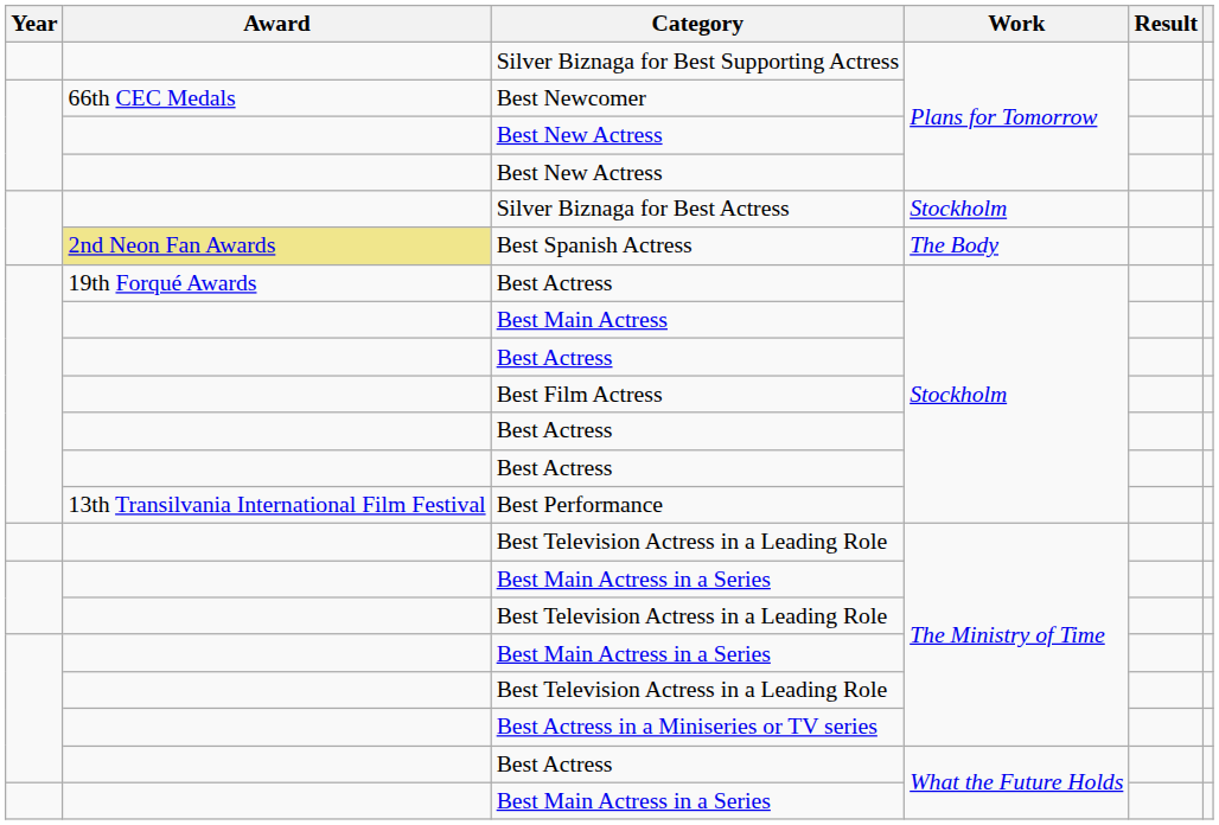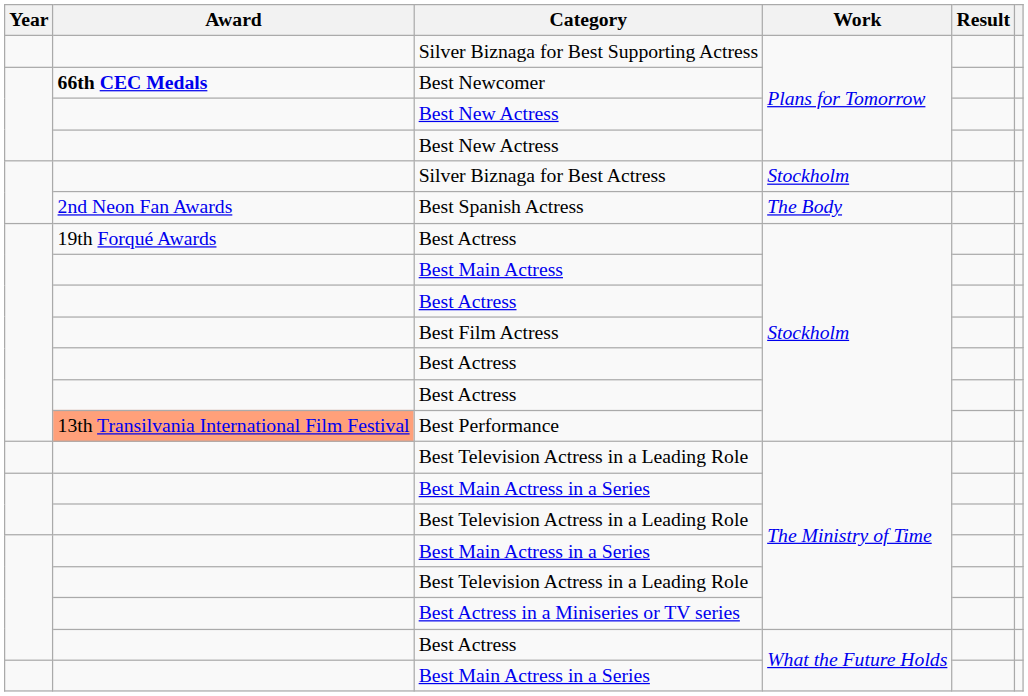 <table class="wikitable sortable">
 <tr>
 <th>Year</th>
 <th>Award</th>
 <th>Category</th>
 <th>Work</th>
 <th>Result</th>
 <th class = "unsortable"></th>
 </tr>
 <tr>
 <td></td>
 <td></td>
 <td>Silver Biznaga for Best Supporting Actress</td>
 <td rowspan = "4"><em><a href='#'>Plans for Tomorrow</a></em></td>
 <td></td>
 <td></td>
 </tr>
 <tr>
 <td rowspan = "3"></td>
-<td>66th <a href='#'>CEC Medals</a></td>
+<td><strong>66th <a href='#'>CEC Medals</a></strong></td>
 <td>Best Newcomer</td>
 <td></td>
 <td></td>
 </tr>
 <tr>
 <td></td>
 <td><a href='#'>Best New Actress</a></td>
 <td></td>
 <td></td>
 </tr>
 <tr>
 <td></td>
 <td>Best New Actress</td>
 <td></td>
 <td></td>
 </tr>
 <tr>
 <td rowspan = "2"></td>
 <td></td>
 <td>Silver Biznaga for Best Actress</td>
 <td><em><a href='#'>Stockholm</a></em></td>
 <td></td>
 <td></td>
 </tr>
 <tr>
-<td style="background: khaki;"><a href='#'>2nd Neon Fan Awards</a></td>
+<td><a href='#'>2nd Neon Fan Awards</a></td>
 <td>Best Spanish Actress</td>
 <td><em><a href='#'>The Body</a></em></td>
 <td></td>
 <td></td>
 </tr>
 <tr>
 <td rowspan = "7"></td>
 <td>19th <a href='#'>Forqué Awards</a></td>
 <td>Best Actress</td>
 <td rowspan = "7"><em><a href='#'>Stockholm</a></em></td>
 <td></td>
 <td></td>
 </tr>
 <tr>
 <td></td>
 <td><a href='#'>Best Main Actress</a></td>
 <td></td>
 <td></td>
 </tr>
 <tr>
 <td></td>
 <td><a href='#'>Best Actress</a></td>
 <td></td>
 <td></td>
 </tr>
 <tr>
 <td></td>
 <td>Best Film Actress</td>
 <td></td>
 <td></td>
 </tr>
 <tr>
 <td></td>
 <td>Best Actress</td>
 <td></td>
 <td></td>
 </tr>
 <tr>
 <td></td>
 <td>Best Actress</td>
 <td></td>
 <td></td>
 </tr>
 <tr>
-<td>13th <a href='#'>Transilvania International Film Festival</a></td>
+<td style="background: lightsalmon;">13th <a href='#'>Transilvania International Film Festival</a></td>
 <td>Best Performance</td>
 <td></td>
 <td></td>
 </tr>
 <tr>
 <td></td>
 <td></td>
 <td>Best Television Actress in a Leading Role</td>
 <td rowspan = "6"><em><a href='#'>The Ministry of Time</a></em></td>
 <td></td>
 <td></td>
 </tr>
 <tr>
 <td rowspan = "2"></td>
 <td></td>
 <td><a href='#'>Best Main Actress in a Series</a></td>
 <td></td>
 <td></td>
 </tr>
 <tr>
 <td></td>
 <td>Best Television Actress in a Leading Role</td>
 <td></td>
 <td></td>
 </tr>
 <tr>
 <td rowspan = "4"></td>
 <td></td>
 <td><a href='#'>Best Main Actress in a Series</a></td>
 <td></td>
 <td></td>
 </tr>
 <tr>
 <td></td>
 <td>Best Television Actress in a Leading Role</td>
 <td></td>
 <td></td>
 </tr>
 <tr>
 <td></td>
 <td><a href='#'>Best Actress in a Miniseries or TV series</a></td>
 <td></td>
 <td></td>
 </tr>
 <tr>
 <td></td>
 <td>Best Actress</td>
 <td rowspan = "2"><em><a href='#'>What the Future Holds</a></em></td>
 <td></td>
 <td></td>
 </tr>
 <tr>
 <td></td>
 <td></td>
 <td><a href='#'>Best Main Actress in a Series</a></td>
 <td></td>
 <td></td>
 </tr>
 </table>
